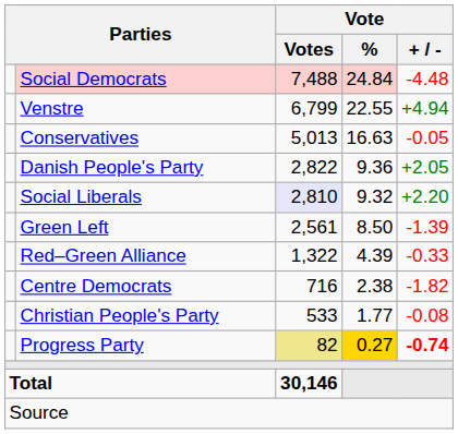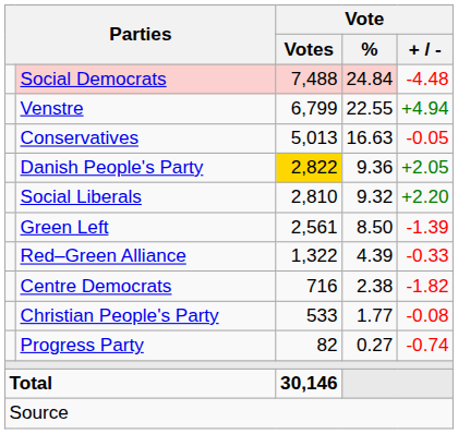 <table class="wikitable" style="text-align:right;">
 <tr>
 <th style="text-align:centre;" rowspan="2" colspan="2" width="225">Parties</th>
 <th colspan="3">Vote</th>
 </tr>
 <tr>
 <th width="15">Votes</th>
 <th width="15">%</th>
 <th width="15">+ / -</th>
 </tr>
 <tr>
 <td width="2" style="color:inherit;background:"></td>
 <td bgcolor=#fbd0ce  align="left"><a href='#'>Social Democrats</a></td>
 <td bgcolor=#fbd0ce>7,488</td>
 <td bgcolor=#fbd0ce>24.84</td>
 <td style=color:red;>-4.48</td>
 </tr>
 <tr>
 <td width="2" style="color:inherit;background:"></td>
 <td align="left"><a href='#'>Venstre</a></td>
 <td>6,799</td>
 <td>22.55</td>
 <td style=color:green;>+4.94</td>
 </tr>
 <tr>
 <td width="2" style="color:inherit;background:"></td>
 <td align="left"><a href='#'>Conservatives</a></td>
 <td>5,013</td>
 <td>16.63</td>
 <td style=color:red;>-0.05</td>
 </tr>
 <tr>
 <td width="2" style="color:inherit;background:"></td>
 <td align="left"><a href='#'>Danish People's Party</a></td>
-<td>2,822</td>
+<td style="background: gold;">2,822</td>
 <td>9.36</td>
 <td style=color:green;>+2.05</td>
 </tr>
 <tr>
 <td width="2" style="color:inherit;background:"></td>
 <td align="left"><a href='#'>Social Liberals</a></td>
-<td style="background: lavender;">2,810</td>
+<td>2,810</td>
 <td>9.32</td>
 <td style=color:green;>+2.20</td>
 </tr>
 <tr>
 <td width="2" style="color:inherit;background:"></td>
 <td align="left"><a href='#'>Green Left</a></td>
 <td>2,561</td>
 <td>8.50</td>
 <td style=color:red;>-1.39</td>
 </tr>
 <tr>
 <td width="2" style="color:inherit;background:"></td>
 <td align="left"><a href='#'>Red–Green Alliance</a></td>
 <td>1,322</td>
 <td>4.39</td>
 <td style=color:red;>-0.33</td>
 </tr>
 <tr>
 <td width="2" style="color:inherit;background:"></td>
 <td align="left"><a href='#'>Centre Democrats</a></td>
 <td>716</td>
 <td>2.38</td>
 <td style=color:red;>-1.82</td>
 </tr>
 <tr>
 <td width="2" style="color:inherit;background:"></td>
 <td align="left"><a href='#'>Christian People's Party</a></td>
 <td>533</td>
 <td>1.77</td>
 <td style=color:red;>-0.08</td>
 </tr>
 <tr>
 <td width="2" style="color:inherit;background:"></td>
 <td align="left"><a href='#'>Progress Party</a></td>
-<td style="background: khaki;">82</td>
-<td style="background: gold;">0.27</td>
-<td style=color:red;><strong>-0.74</strong></td>
+<td>82</td>
+<td>0.27</td>
+<td style=color:red;>-0.74</td>
 </tr>
 <tr>
 <td colspan="7" bgcolor="#E9E9E9"></td>
 </tr>
 <tr>
 <td align="left" colspan="2"><strong>Total</strong></td>
 <td><strong>30,146</strong></td>
 <td bgcolor="#E9E9E9" colspan="2"></td>
 </tr>
 <tr>
 <td align="left" colspan="6">Source</td>
 </tr>
 </table>
